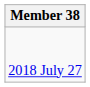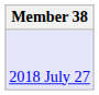 <table class=wikitable align=right>
 <tr>
 <th>Member 38</th>
 </tr>
 <tr>
-<td><br><br><a href='#'> 2018 July 27</a></td>
+<td style="background: lavender;"><br><br><a href='#'> 2018 July 27</a></td>
 </tr>
 </table>
